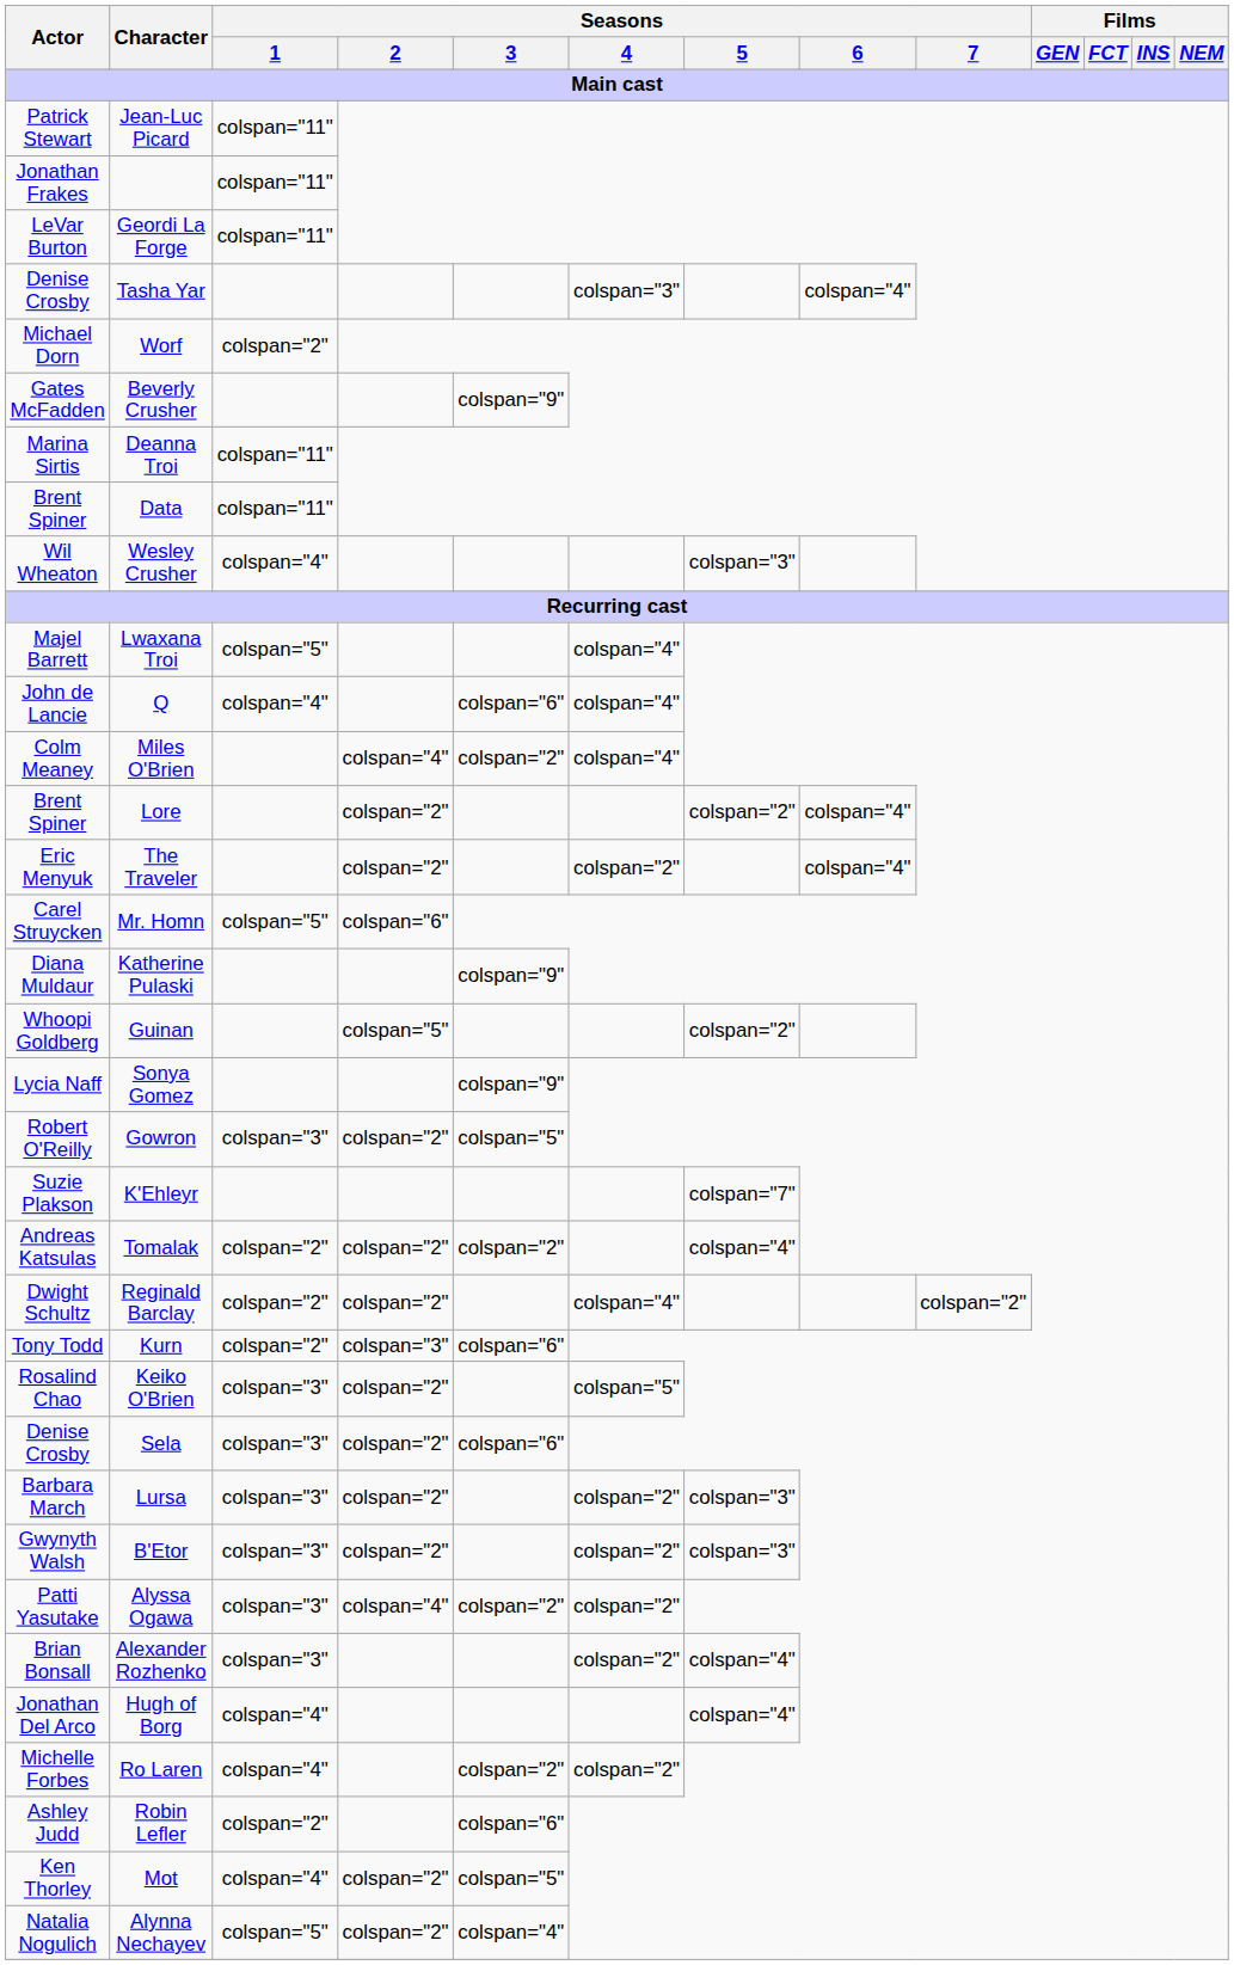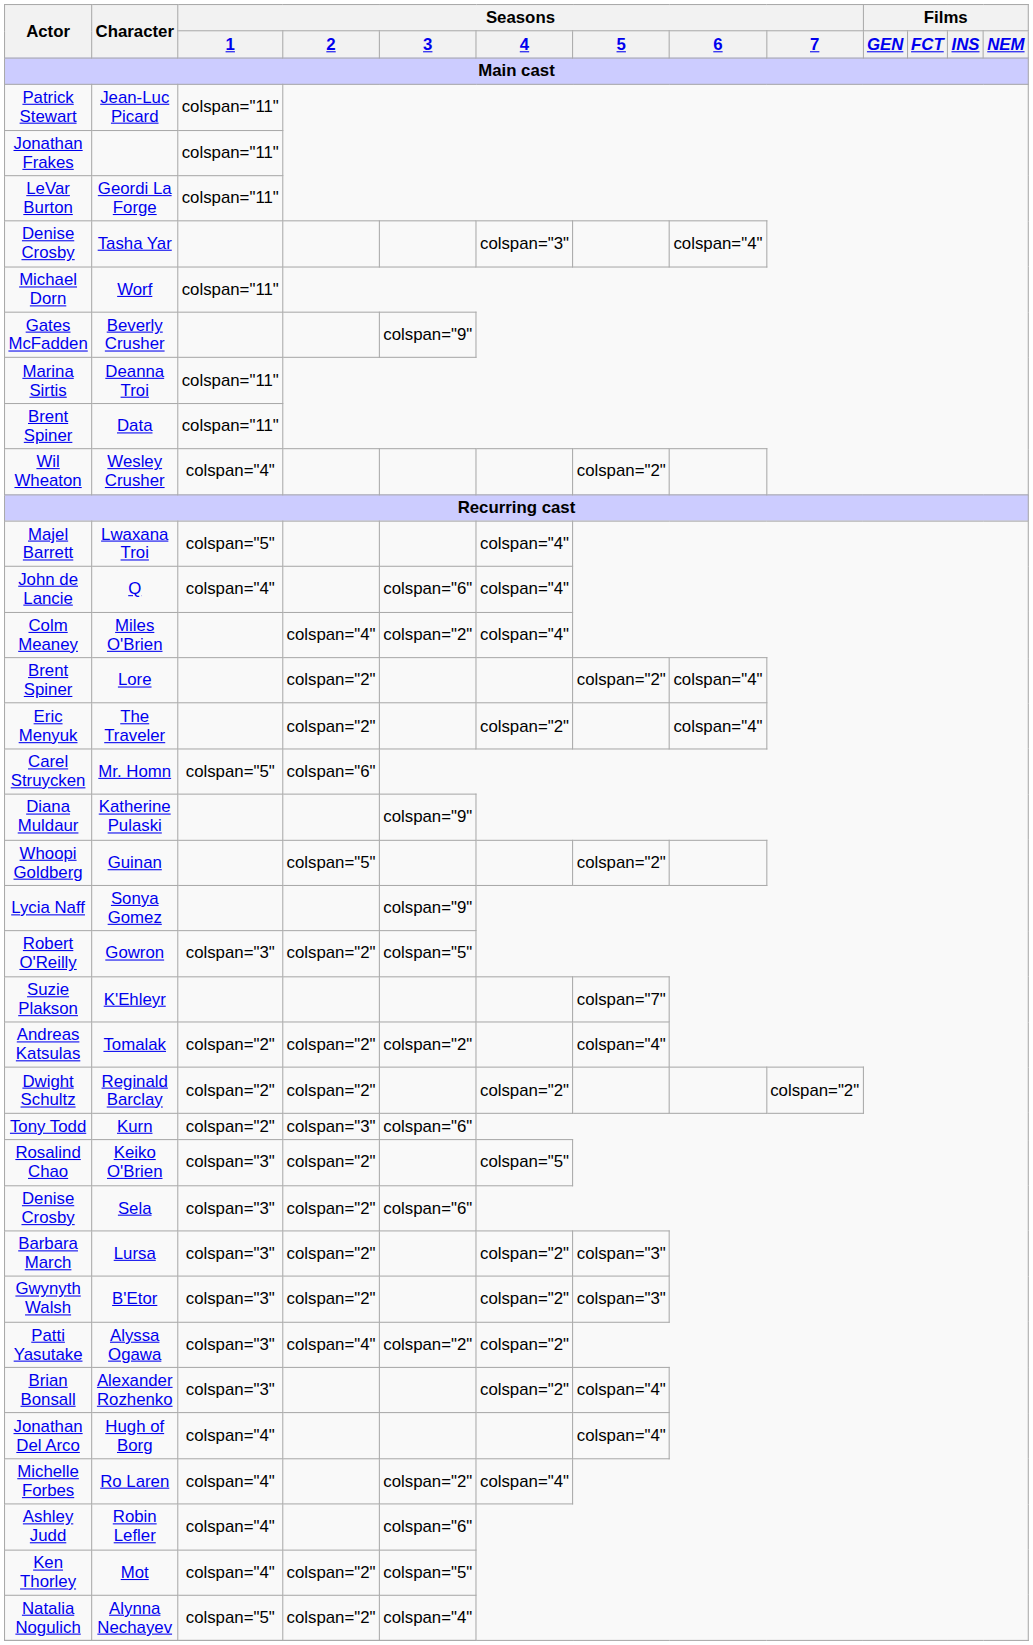 <table class="wikitable plainrowheaders" style="text-align:center; width:100%">
 <tr>
 <th scope="col" rowspan="2" style="width:15%;">Actor</th>
 <th scope="col" rowspan="2" style="width:15%;">Character</th>
 <th scope="col" colspan="7" style="width:21%;">Seasons</th>
 <th scope="col" colspan="4" style="width:21%;">Films</th>
 </tr>
 <tr>
 <th width="5%" scope="col"><a href='#'>1</a></th>
 <th width="5%" scope="col"><a href='#'>2</a></th>
 <th width="5%" scope="col"><a href='#'>3</a></th>
 <th width="5%" scope="col"><a href='#'>4</a></th>
 <th width="5%" scope="col"><a href='#'>5</a></th>
 <th width="5%" scope="col"><a href='#'>6</a></th>
 <th width="5%" scope="col"><a href='#'>7</a></th>
 <th width="5%" scope="col"><a href='#'><em>GEN</em></a></th>
 <th width="5%" scope="col"><a href='#'><em>FCT</em></a></th>
 <th width="5%" scope="col"><a href='#'><em>INS</em></a></th>
 <th width="5%" scope="col"><a href='#'><em>NEM</em></a></th>
 </tr>
 <tr>
 <td scope="row" colspan="13" style="background-color:#ccccff;"><strong>Main cast</strong></td>
 </tr>
 <tr>
 <td><a href='#'>Patrick Stewart</a></td>
 <td><a href='#'>Jean-Luc Picard</a></td>
 <td>colspan="11" </td>
 </tr>
 <tr>
 <td><a href='#'>Jonathan Frakes</a></td>
 <td></td>
 <td>colspan="11" </td>
 </tr>
 <tr>
 <td><a href='#'>LeVar Burton</a></td>
 <td><a href='#'>Geordi La Forge</a></td>
 <td>colspan="11" </td>
 </tr>
 <tr>
 <td><a href='#'>Denise Crosby</a></td>
 <td><a href='#'>Tasha Yar</a></td>
 <td></td>
 <td></td>
 <td></td>
 <td>colspan="3" </td>
 <td></td>
 <td>colspan="4" </td>
 </tr>
 <tr>
 <td><a href='#'>Michael Dorn</a></td>
 <td><a href='#'>Worf</a></td>
-<td>colspan="2" </td>
+<td>colspan="11" </td>
 </tr>
 <tr>
 <td><a href='#'>Gates McFadden</a></td>
 <td><a href='#'>Beverly Crusher</a></td>
 <td></td>
 <td></td>
 <td>colspan="9" </td>
 </tr>
 <tr>
 <td><a href='#'>Marina Sirtis</a></td>
 <td><a href='#'>Deanna Troi</a></td>
 <td>colspan="11" </td>
 </tr>
 <tr>
 <td><a href='#'>Brent Spiner</a></td>
 <td><a href='#'>Data</a></td>
 <td>colspan="11" </td>
 </tr>
 <tr>
 <td><a href='#'>Wil Wheaton</a></td>
 <td><a href='#'>Wesley Crusher</a></td>
 <td>colspan="4" </td>
 <td></td>
 <td></td>
 <td></td>
-<td>colspan="3" </td>
+<td>colspan="2" </td>
 <td></td>
 </tr>
 <tr>
 <td scope="row" colspan="13" style="background-color:#ccccff;"><strong>Recurring cast</strong></td>
 </tr>
 <tr>
 <td><a href='#'>Majel Barrett</a></td>
 <td><a href='#'>Lwaxana Troi</a></td>
 <td>colspan="5" </td>
 <td></td>
 <td></td>
 <td>colspan="4" </td>
 </tr>
 <tr>
 <td><a href='#'>John de Lancie</a></td>
 <td><a href='#'>Q</a></td>
 <td>colspan="4" </td>
 <td></td>
 <td>colspan="6" </td>
 <td>colspan="4" </td>
 </tr>
 <tr>
 <td><a href='#'>Colm Meaney</a></td>
 <td><a href='#'>Miles O'Brien</a></td>
 <td></td>
 <td>colspan="4" </td>
 <td>colspan="2" </td>
 <td>colspan="4" </td>
 </tr>
 <tr>
 <td><a href='#'>Brent Spiner</a></td>
 <td><a href='#'>Lore</a></td>
 <td></td>
 <td>colspan="2" </td>
 <td></td>
 <td></td>
 <td>colspan="2" </td>
 <td>colspan="4" </td>
 </tr>
 <tr>
 <td><a href='#'>Eric Menyuk</a></td>
 <td><a href='#'>The Traveler</a></td>
 <td></td>
 <td>colspan="2" </td>
 <td></td>
 <td>colspan="2" </td>
 <td></td>
 <td>colspan="4" </td>
 </tr>
 <tr>
 <td><a href='#'>Carel Struycken</a></td>
 <td><a href='#'>Mr. Homn</a></td>
 <td>colspan="5" </td>
 <td>colspan="6" </td>
 </tr>
 <tr>
 <td><a href='#'>Diana Muldaur</a></td>
 <td><a href='#'>Katherine Pulaski</a></td>
 <td></td>
 <td></td>
 <td>colspan="9" </td>
 </tr>
 <tr>
 <td><a href='#'>Whoopi Goldberg</a></td>
 <td><a href='#'>Guinan</a></td>
 <td></td>
 <td>colspan="5" </td>
 <td></td>
 <td></td>
 <td>colspan="2" </td>
 <td></td>
 </tr>
 <tr>
 <td><a href='#'>Lycia Naff</a></td>
 <td><a href='#'>Sonya Gomez</a></td>
 <td></td>
 <td></td>
 <td>colspan="9" </td>
 </tr>
 <tr>
 <td><a href='#'>Robert O'Reilly</a></td>
 <td><a href='#'>Gowron</a></td>
 <td>colspan="3" </td>
 <td>colspan="2" </td>
 <td>colspan="5" </td>
 </tr>
 <tr>
 <td><a href='#'>Suzie Plakson</a></td>
 <td><a href='#'>K'Ehleyr</a></td>
 <td></td>
 <td></td>
 <td></td>
 <td></td>
 <td>colspan="7" </td>
 </tr>
 <tr>
 <td><a href='#'>Andreas Katsulas</a></td>
 <td><a href='#'>Tomalak</a></td>
 <td>colspan="2" </td>
 <td>colspan="2" </td>
 <td>colspan="2" </td>
 <td></td>
 <td>colspan="4" </td>
 </tr>
 <tr>
 <td><a href='#'>Dwight Schultz</a></td>
 <td><a href='#'>Reginald Barclay</a></td>
 <td>colspan="2" </td>
 <td>colspan="2" </td>
 <td></td>
-<td>colspan="4" </td>
+<td>colspan="2" </td>
 <td></td>
 <td></td>
 <td>colspan="2" </td>
 </tr>
 <tr>
 <td><a href='#'>Tony Todd</a></td>
 <td><a href='#'>Kurn</a></td>
 <td>colspan="2" </td>
 <td>colspan="3" </td>
 <td>colspan="6" </td>
 </tr>
 <tr>
 <td><a href='#'>Rosalind Chao</a></td>
 <td><a href='#'>Keiko O'Brien</a></td>
 <td>colspan="3" </td>
 <td>colspan="2" </td>
 <td></td>
 <td>colspan="5" </td>
 </tr>
 <tr>
 <td><a href='#'>Denise Crosby</a></td>
 <td><a href='#'>Sela</a></td>
 <td>colspan="3" </td>
 <td>colspan="2" </td>
 <td>colspan="6" </td>
 </tr>
 <tr>
 <td><a href='#'>Barbara March</a></td>
 <td><a href='#'>Lursa</a></td>
 <td>colspan="3" </td>
 <td>colspan="2" </td>
 <td></td>
 <td>colspan="2" </td>
 <td>colspan="3" </td>
 </tr>
 <tr>
 <td><a href='#'>Gwynyth Walsh</a></td>
 <td><a href='#'>B'Etor</a></td>
 <td>colspan="3" </td>
 <td>colspan="2" </td>
 <td></td>
 <td>colspan="2" </td>
 <td>colspan="3" </td>
 </tr>
 <tr>
 <td><a href='#'>Patti Yasutake</a></td>
 <td><a href='#'>Alyssa Ogawa</a></td>
 <td>colspan="3" </td>
 <td>colspan="4" </td>
 <td>colspan="2" </td>
 <td>colspan="2" </td>
 </tr>
 <tr>
 <td><a href='#'>Brian Bonsall</a></td>
 <td><a href='#'>Alexander Rozhenko</a></td>
 <td>colspan="3" </td>
 <td></td>
 <td></td>
 <td>colspan="2" </td>
 <td>colspan="4" </td>
 </tr>
 <tr>
 <td><a href='#'>Jonathan Del Arco</a></td>
 <td><a href='#'>Hugh of Borg</a></td>
 <td>colspan="4" </td>
 <td></td>
 <td></td>
 <td></td>
 <td>colspan="4" </td>
 </tr>
 <tr>
 <td><a href='#'>Michelle Forbes</a></td>
 <td><a href='#'>Ro Laren</a></td>
 <td>colspan="4" </td>
 <td></td>
 <td>colspan="2" </td>
-<td>colspan="2" </td>
+<td>colspan="4" </td>
 </tr>
 <tr>
 <td><a href='#'>Ashley Judd</a></td>
 <td><a href='#'>Robin Lefler</a></td>
-<td>colspan="2" </td>
+<td>colspan="4" </td>
 <td></td>
 <td>colspan="6" </td>
 </tr>
 <tr>
 <td><a href='#'>Ken Thorley</a></td>
 <td><a href='#'>Mot</a></td>
 <td>colspan="4" </td>
 <td>colspan="2" </td>
 <td>colspan="5" </td>
 </tr>
 <tr>
 <td><a href='#'>Natalia Nogulich</a></td>
 <td><a href='#'>Alynna Nechayev</a></td>
 <td>colspan="5" </td>
 <td>colspan="2" </td>
 <td>colspan="4" </td>
 </tr>
 <tr>
 </tr>
 </table>
